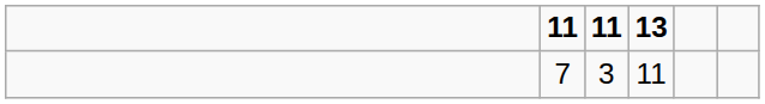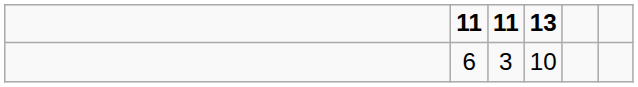 <table class="wikitable">
 <tr>
 <td style="width:18em"><strong></strong></td>
 <td align=center style="width:1em"><strong>11</strong></td>
 <td align=center style="width:1em"><strong>11</strong></td>
 <td align=center style="width:1em"><strong>13</strong></td>
 <td align=center style="width:1em"></td>
 <td align=center style="width:1em"></td>
 </tr>
 <tr>
 <td style="width:18em"></td>
-<td align=center style="width:1em">7</td>
+<td align=center style="width:1em">6</td>
 <td align=center style="width:1em">3</td>
-<td align=center style="width:1em">11</td>
+<td align=center style="width:1em">10</td>
 <td align=center style="width:1em"></td>
 <td align=center style="width:1em"></td>
 </tr>
 </table>
